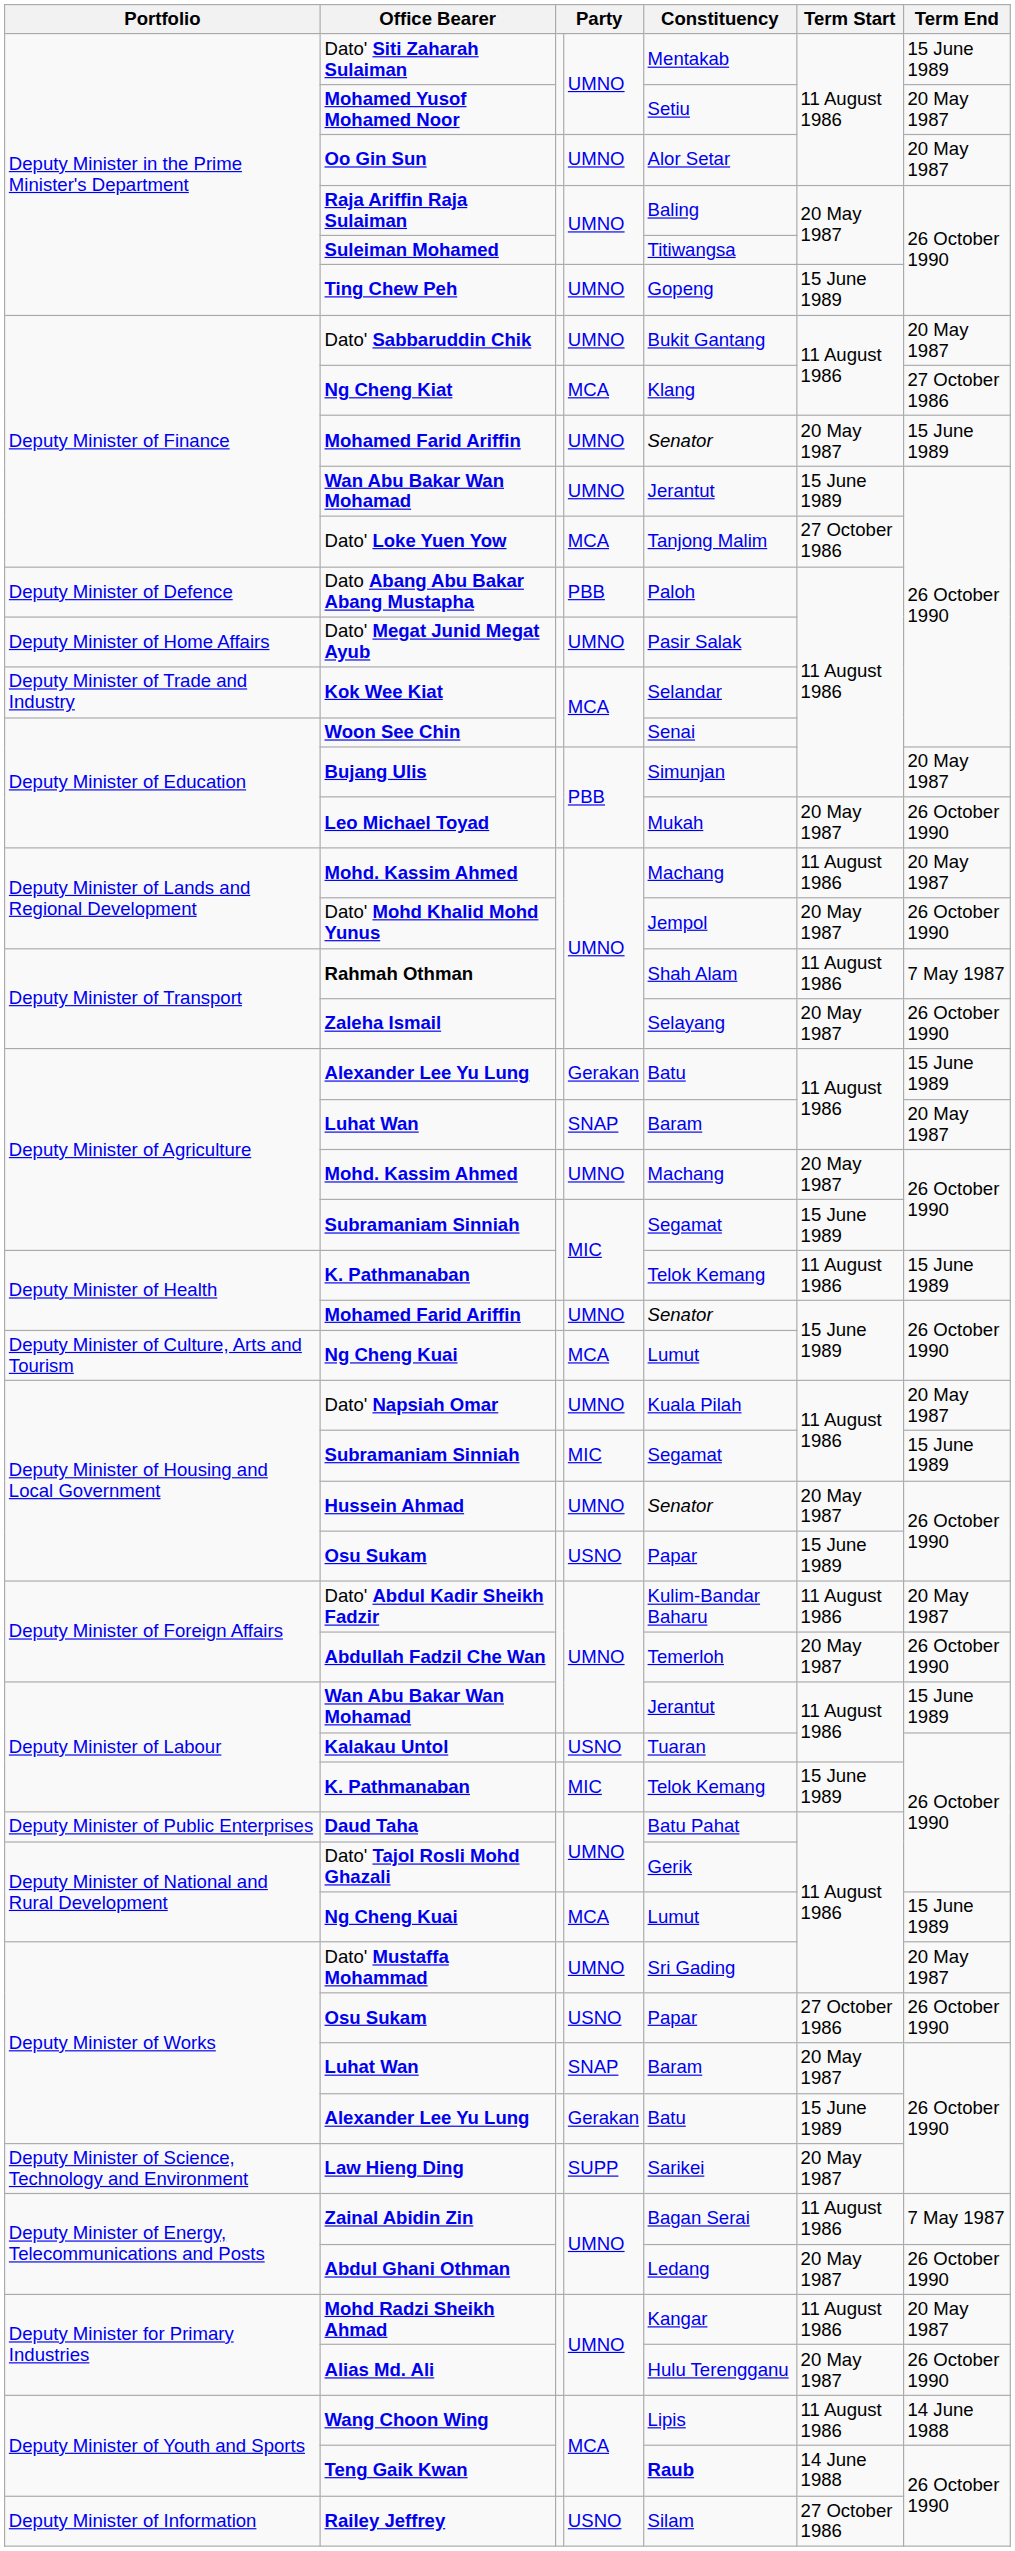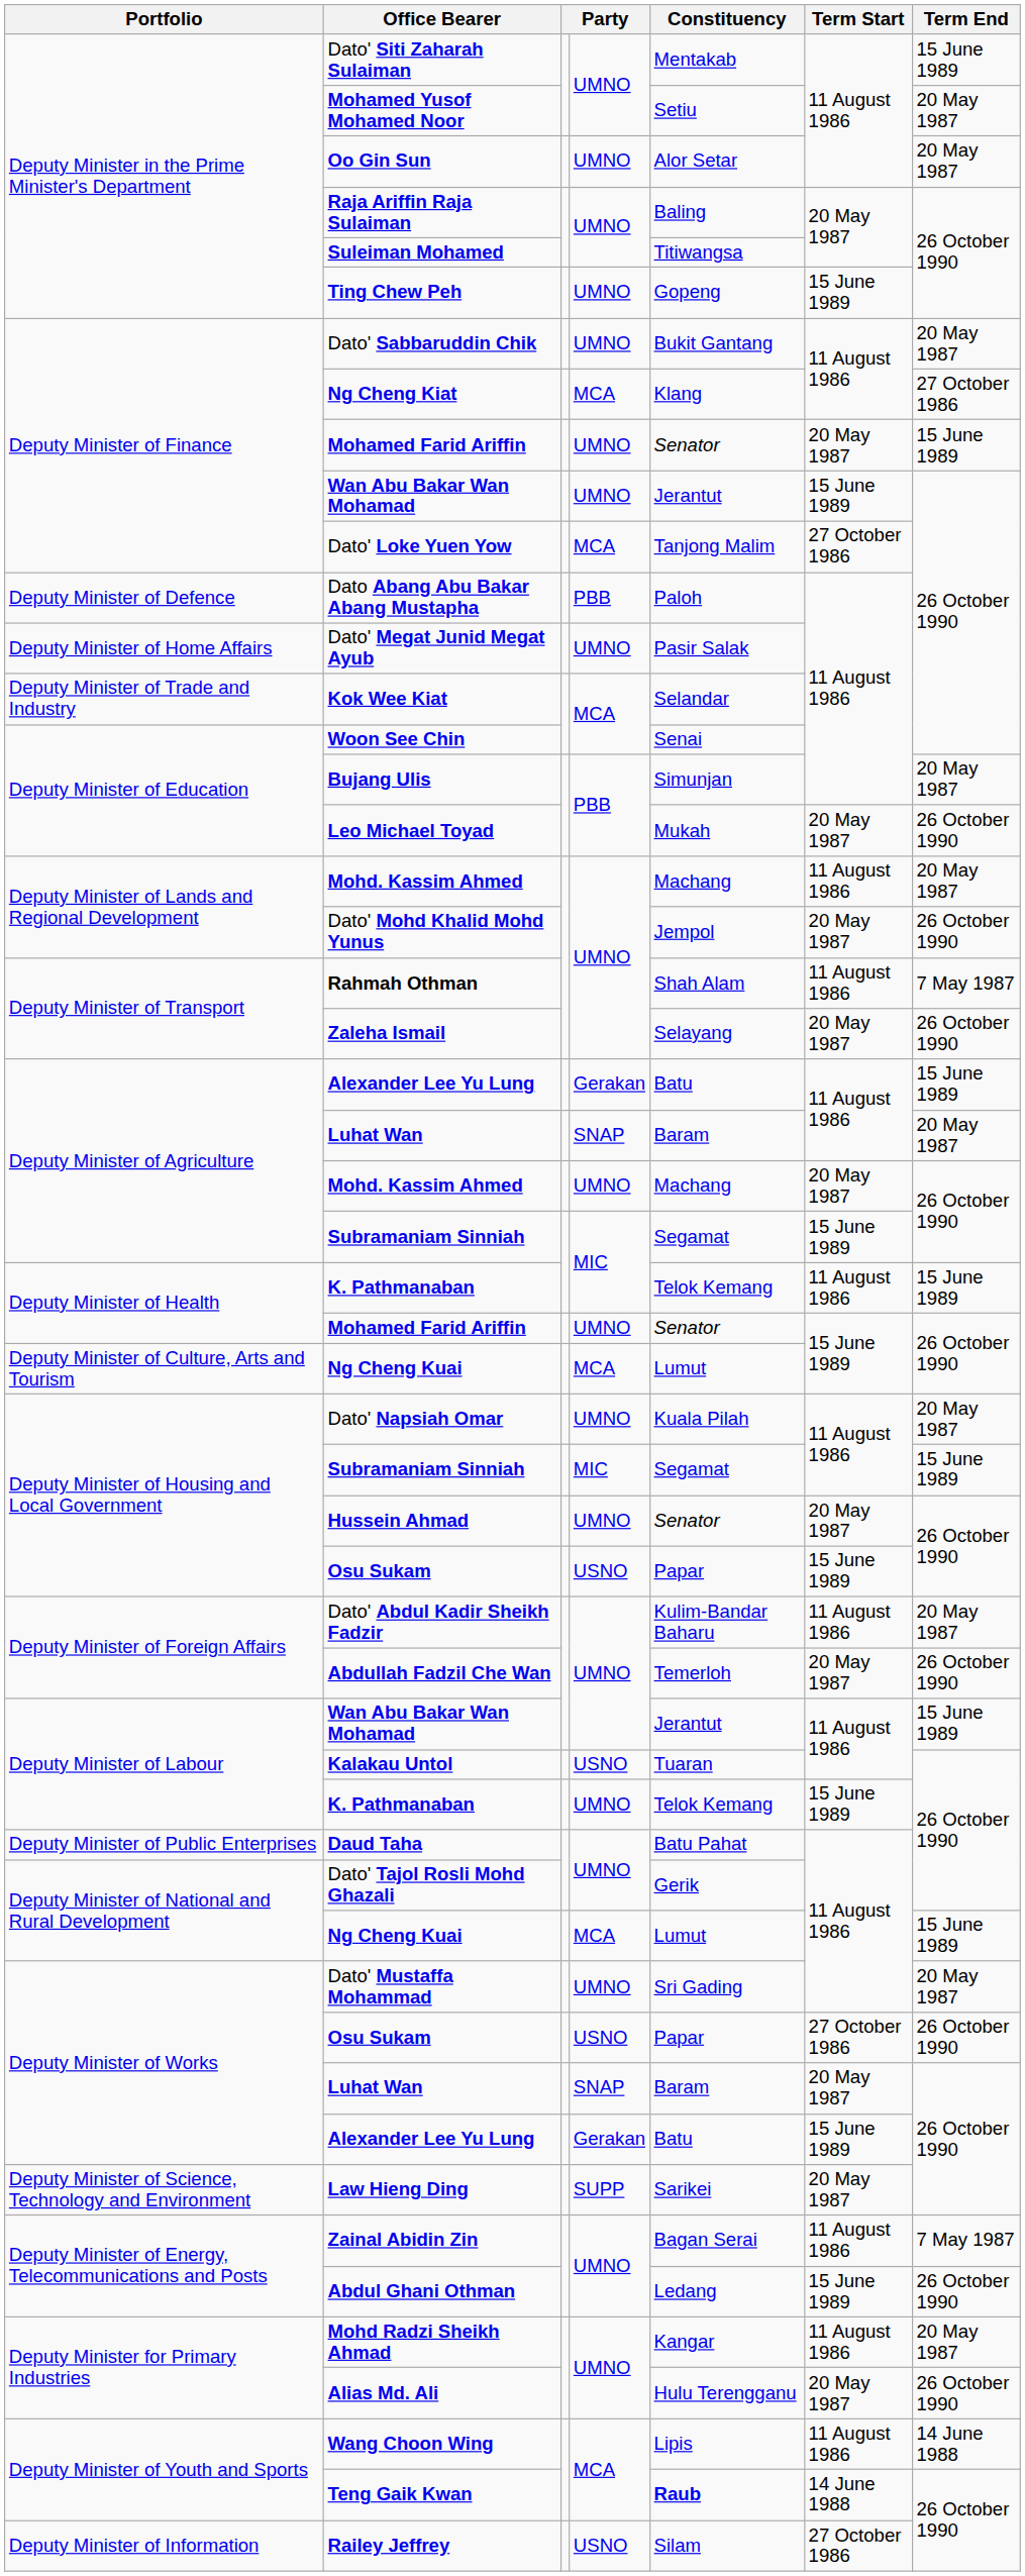 <table class="sortable wikitable">
 <tr>
 <th>Portfolio</th>
 <th>Office Bearer</th>
 <th colspan=2>Party</th>
 <th>Constituency</th>
 <th>Term Start</th>
 <th>Term End</th>
 </tr>
 <tr>
 <td rowspan="6"><a href='#'>Deputy Minister in the Prime Minister's Department</a></td>
 <td>Dato' <strong><a href='#'>Siti Zaharah Sulaiman</a></strong> </td>
 <td rowspan=2></td>
 <td rowspan=2><a href='#'>UMNO</a></td>
 <td><a href='#'>Mentakab</a></td>
 <td rowspan=3>11 August 1986</td>
 <td>15 June 1989</td>
 </tr>
 <tr>
 <td><strong><a href='#'>Mohamed Yusof Mohamed Noor</a></strong> </td>
 <td><a href='#'>Setiu</a></td>
 <td>20 May 1987</td>
 </tr>
 <tr>
 <td><strong><a href='#'>Oo Gin Sun</a></strong> </td>
 <td></td>
 <td><a href='#'>UMNO</a></td>
 <td><a href='#'>Alor Setar</a></td>
 <td>20 May 1987</td>
 </tr>
 <tr>
 <td><strong><a href='#'>Raja Ariffin Raja Sulaiman</a></strong> </td>
 <td rowspan=2></td>
 <td rowspan=2><a href='#'>UMNO</a></td>
 <td><a href='#'>Baling</a></td>
 <td rowspan=2>20 May 1987</td>
 <td rowspan=3>26 October 1990</td>
 </tr>
 <tr>
 <td><strong><a href='#'>Suleiman Mohamed</a></strong> </td>
 <td><a href='#'>Titiwangsa</a></td>
 </tr>
 <tr>
 <td><strong><a href='#'>Ting Chew Peh</a></strong> </td>
 <td></td>
 <td><a href='#'>UMNO</a></td>
 <td><a href='#'>Gopeng</a></td>
 <td>15 June 1989</td>
 </tr>
 <tr>
 <td rowspan=5><a href='#'>Deputy Minister of Finance</a></td>
 <td>Dato' <strong><a href='#'>Sabbaruddin Chik</a></strong> </td>
 <td></td>
 <td><a href='#'>UMNO</a></td>
 <td><a href='#'>Bukit Gantang</a></td>
 <td rowspan=2>11 August 1986</td>
 <td>20 May 1987</td>
 </tr>
 <tr>
 <td><strong><a href='#'>Ng Cheng Kiat</a></strong> </td>
 <td></td>
 <td><a href='#'>MCA</a></td>
 <td><a href='#'>Klang</a></td>
 <td>27 October 1986</td>
 </tr>
 <tr>
 <td><strong><a href='#'>Mohamed Farid Ariffin</a></strong></td>
 <td></td>
 <td><a href='#'>UMNO</a></td>
 <td><em>Senator</em></td>
 <td>20 May 1987</td>
 <td>15 June 1989</td>
 </tr>
 <tr>
 <td><strong><a href='#'>Wan Abu Bakar Wan Mohamad</a></strong> </td>
 <td rowspan=1></td>
 <td><a href='#'>UMNO</a></td>
 <td><a href='#'>Jerantut</a></td>
 <td>15 June 1989</td>
 <td rowspan=6>26 October 1990</td>
 </tr>
 <tr>
 <td>Dato' <strong><a href='#'>Loke Yuen Yow</a></strong> </td>
 <td rowspan=1></td>
 <td><a href='#'>MCA</a></td>
 <td><a href='#'>Tanjong Malim</a></td>
 <td>27 October 1986</td>
 </tr>
 <tr>
 <td><a href='#'>Deputy Minister of Defence</a></td>
 <td>Dato <strong><a href='#'>Abang Abu Bakar Abang Mustapha</a></strong> </td>
 <td></td>
 <td><a href='#'>PBB</a></td>
 <td><a href='#'>Paloh</a></td>
 <td rowspan=5>11 August 1986</td>
 </tr>
 <tr>
 <td><a href='#'>Deputy Minister of Home Affairs</a></td>
 <td>Dato' <strong><a href='#'>Megat Junid Megat Ayub</a></strong> </td>
 <td rowspan=1></td>
 <td><a href='#'>UMNO</a></td>
 <td><a href='#'>Pasir Salak</a></td>
 </tr>
 <tr>
 <td><a href='#'>Deputy Minister of Trade and Industry</a></td>
 <td><strong><a href='#'>Kok Wee Kiat</a></strong> </td>
 <td rowspan=2></td>
 <td rowspan=2><a href='#'>MCA</a></td>
 <td><a href='#'>Selandar</a></td>
 </tr>
 <tr>
 <td rowspan=3><a href='#'>Deputy Minister of Education</a></td>
 <td><strong><a href='#'>Woon See Chin</a></strong> </td>
 <td><a href='#'>Senai</a></td>
 </tr>
 <tr>
 <td><strong><a href='#'>Bujang Ulis</a></strong> </td>
 <td rowspan=2></td>
 <td rowspan=2><a href='#'>PBB</a></td>
 <td><a href='#'>Simunjan</a></td>
 <td>20 May 1987</td>
 </tr>
 <tr>
 <td><strong><a href='#'>Leo Michael Toyad</a></strong> </td>
 <td><a href='#'>Mukah</a></td>
 <td>20 May 1987</td>
 <td>26 October 1990</td>
 </tr>
 <tr>
 <td rowspan=2><a href='#'>Deputy Minister of Lands and Regional Development</a></td>
 <td><strong><a href='#'>Mohd. Kassim Ahmed</a></strong> </td>
 <td rowspan=4></td>
 <td rowspan=4><a href='#'>UMNO</a></td>
 <td><a href='#'>Machang</a></td>
 <td>11 August 1986</td>
 <td>20 May 1987</td>
 </tr>
 <tr>
 <td>Dato' <strong><a href='#'>Mohd Khalid Mohd Yunus</a></strong> </td>
 <td><a href='#'>Jempol</a></td>
 <td>20 May 1987</td>
 <td>26 October 1990</td>
 </tr>
 <tr>
 <td rowspan=2><a href='#'>Deputy Minister of Transport</a></td>
 <td><strong>Rahmah Othman</strong> </td>
 <td><a href='#'>Shah Alam</a></td>
 <td>11 August 1986</td>
 <td>7 May 1987</td>
 </tr>
 <tr>
 <td><strong><a href='#'>Zaleha Ismail</a></strong> </td>
 <td><a href='#'>Selayang</a></td>
 <td>20 May 1987</td>
 <td>26 October 1990</td>
 </tr>
 <tr>
 <td rowspan=4><a href='#'>Deputy Minister of Agriculture</a></td>
 <td><strong><a href='#'>Alexander Lee Yu Lung</a></strong> </td>
 <td rowspan=1></td>
 <td><a href='#'>Gerakan</a></td>
 <td><a href='#'>Batu</a></td>
 <td rowspan=2>11 August 1986</td>
 <td>15 June 1989</td>
 </tr>
 <tr>
 <td><strong><a href='#'>Luhat Wan</a></strong> </td>
 <td rowspan=1></td>
 <td><a href='#'>SNAP</a></td>
 <td><a href='#'>Baram</a></td>
 <td>20 May 1987</td>
 </tr>
 <tr>
 <td><strong><a href='#'>Mohd. Kassim Ahmed</a></strong> </td>
 <td rowspan=1></td>
 <td><a href='#'>UMNO</a></td>
 <td><a href='#'>Machang</a></td>
 <td>20 May 1987</td>
 <td rowspan=2>26 October 1990</td>
 </tr>
 <tr>
 <td><strong><a href='#'>Subramaniam Sinniah</a></strong> </td>
 <td rowspan=2></td>
 <td rowspan=2><a href='#'>MIC</a></td>
 <td><a href='#'>Segamat</a></td>
 <td>15 June 1989</td>
 </tr>
 <tr>
 <td rowspan=2><a href='#'>Deputy Minister of Health</a></td>
 <td><strong><a href='#'>K. Pathmanaban</a></strong> </td>
 <td><a href='#'>Telok Kemang</a></td>
 <td>11 August 1986</td>
 <td>15 June 1989</td>
 </tr>
 <tr>
 <td><strong><a href='#'>Mohamed Farid Ariffin</a></strong></td>
 <td></td>
 <td><a href='#'>UMNO</a></td>
 <td><em>Senator</em></td>
 <td rowspan=2>15 June 1989</td>
 <td rowspan=2>26 October 1990</td>
 </tr>
 <tr>
 <td><a href='#'>Deputy Minister of Culture, Arts and Tourism</a></td>
 <td><strong><a href='#'>Ng Cheng Kuai</a></strong> </td>
 <td></td>
 <td><a href='#'>MCA</a></td>
 <td><a href='#'>Lumut</a></td>
 </tr>
 <tr>
 <td rowspan=4><a href='#'>Deputy Minister of Housing and Local Government</a></td>
 <td>Dato' <strong><a href='#'>Napsiah Omar</a></strong> </td>
 <td rowspan=1></td>
 <td><a href='#'>UMNO</a></td>
 <td><a href='#'>Kuala Pilah</a></td>
 <td rowspan=2>11 August 1986</td>
 <td>20 May 1987</td>
 </tr>
 <tr>
 <td><strong><a href='#'>Subramaniam Sinniah</a></strong> </td>
 <td rowspan=1></td>
 <td><a href='#'>MIC</a></td>
 <td><a href='#'>Segamat</a></td>
 <td>15 June 1989</td>
 </tr>
 <tr>
 <td><strong><a href='#'>Hussein Ahmad</a></strong></td>
 <td rowspan=1></td>
 <td><a href='#'>UMNO</a></td>
 <td><em>Senator</em></td>
 <td>20 May 1987</td>
 <td rowspan=2>26 October 1990</td>
 </tr>
 <tr>
 <td><strong><a href='#'>Osu Sukam</a></strong> </td>
 <td rowspan=1></td>
 <td><a href='#'>USNO</a></td>
 <td><a href='#'>Papar</a></td>
 <td>15 June 1989</td>
 </tr>
 <tr>
 <td rowspan=2><a href='#'>Deputy Minister of Foreign Affairs</a></td>
 <td>Dato' <strong><a href='#'>Abdul Kadir Sheikh Fadzir</a></strong> </td>
 <td rowspan=3></td>
 <td rowspan=3><a href='#'>UMNO</a></td>
 <td><a href='#'>Kulim-Bandar Baharu</a></td>
 <td>11 August 1986</td>
 <td>20 May 1987</td>
 </tr>
 <tr>
 <td><strong><a href='#'>Abdullah Fadzil Che Wan</a></strong> </td>
 <td><a href='#'>Temerloh</a></td>
 <td>20 May 1987</td>
 <td>26 October 1990</td>
 </tr>
 <tr>
 <td rowspan=3><a href='#'>Deputy Minister of Labour</a></td>
 <td><strong><a href='#'>Wan Abu Bakar Wan Mohamad</a></strong> </td>
 <td><a href='#'>Jerantut</a></td>
 <td rowspan=2>11 August 1986</td>
 <td>15 June 1989</td>
 </tr>
 <tr>
 <td><strong><a href='#'>Kalakau Untol</a></strong> </td>
 <td></td>
 <td><a href='#'>USNO</a></td>
 <td><a href='#'>Tuaran</a></td>
 <td rowspan=4>26 October 1990</td>
 </tr>
 <tr>
 <td><strong><a href='#'>K. Pathmanaban</a></strong> </td>
 <td></td>
-<td><a href='#'>MIC</a></td>
+<td><a href='#'>UMNO</a></td>
 <td><a href='#'>Telok Kemang</a></td>
 <td>15 June 1989</td>
 </tr>
 <tr>
 <td><a href='#'>Deputy Minister of Public Enterprises</a></td>
 <td><strong><a href='#'>Daud Taha</a></strong> </td>
 <td rowspan=2></td>
 <td rowspan=2><a href='#'>UMNO</a></td>
 <td><a href='#'>Batu Pahat</a></td>
 <td rowspan=4>11 August 1986</td>
 </tr>
 <tr>
 <td rowspan=2><a href='#'>Deputy Minister of National and Rural Development</a></td>
 <td>Dato' <strong><a href='#'>Tajol Rosli Mohd Ghazali</a></strong> </td>
 <td><a href='#'>Gerik</a></td>
 </tr>
 <tr>
 <td><strong><a href='#'>Ng Cheng Kuai</a></strong> </td>
 <td rowspan=1></td>
 <td><a href='#'>MCA</a></td>
 <td><a href='#'>Lumut</a></td>
 <td>15 June 1989</td>
 </tr>
 <tr>
 <td rowspan=4><a href='#'>Deputy Minister of Works</a></td>
 <td>Dato' <strong><a href='#'>Mustaffa Mohammad</a></strong> </td>
 <td rowspan=1></td>
 <td><a href='#'>UMNO</a></td>
 <td><a href='#'>Sri Gading</a></td>
 <td>20 May 1987</td>
 </tr>
 <tr>
 <td><strong><a href='#'>Osu Sukam</a></strong> </td>
 <td rowspan=1></td>
 <td><a href='#'>USNO</a></td>
 <td><a href='#'>Papar</a></td>
 <td>27 October 1986</td>
 <td>26 October 1990</td>
 </tr>
 <tr>
 <td><strong><a href='#'>Luhat Wan</a></strong> </td>
 <td rowspan=1></td>
 <td><a href='#'>SNAP</a></td>
 <td><a href='#'>Baram</a></td>
 <td>20 May 1987</td>
 <td rowspan=3>26 October 1990</td>
 </tr>
 <tr>
 <td><strong><a href='#'>Alexander Lee Yu Lung</a></strong> </td>
 <td rowspan=1></td>
 <td><a href='#'>Gerakan</a></td>
 <td><a href='#'>Batu</a></td>
 <td>15 June 1989</td>
 </tr>
 <tr>
 <td><a href='#'>Deputy Minister of Science, Technology and Environment</a></td>
 <td><strong><a href='#'>Law Hieng Ding</a></strong> </td>
 <td rowspan=1></td>
 <td><a href='#'>SUPP</a></td>
 <td><a href='#'>Sarikei</a></td>
 <td>20 May 1987</td>
 </tr>
 <tr>
 <td rowspan=2><a href='#'>Deputy Minister of Energy, Telecommunications and Posts</a></td>
 <td><strong><a href='#'>Zainal Abidin Zin</a></strong> </td>
 <td rowspan=2></td>
 <td rowspan=2><a href='#'>UMNO</a></td>
 <td><a href='#'>Bagan Serai</a></td>
 <td>11 August 1986</td>
 <td>7 May 1987</td>
 </tr>
 <tr>
 <td><strong><a href='#'>Abdul Ghani Othman</a></strong> </td>
 <td><a href='#'>Ledang</a></td>
-<td>20 May 1987</td>
+<td>15 June 1989</td>
 <td>26 October 1990</td>
 </tr>
 <tr>
 <td rowspan=2><a href='#'>Deputy Minister for Primary Industries</a></td>
 <td><strong><a href='#'>Mohd Radzi Sheikh Ahmad</a></strong> </td>
 <td rowspan=2></td>
 <td rowspan=2><a href='#'>UMNO</a></td>
 <td><a href='#'>Kangar</a></td>
 <td>11 August 1986</td>
 <td>20 May 1987</td>
 </tr>
 <tr>
 <td><strong><a href='#'>Alias Md. Ali</a></strong> </td>
 <td><a href='#'>Hulu Terengganu</a></td>
 <td>20 May 1987</td>
 <td>26 October 1990</td>
 </tr>
 <tr>
 <td rowspan=2><a href='#'>Deputy Minister of Youth and Sports</a></td>
 <td><strong><a href='#'>Wang Choon Wing</a></strong> </td>
 <td rowspan=2></td>
 <td rowspan=2><a href='#'>MCA</a></td>
 <td><a href='#'>Lipis</a></td>
 <td>11 August 1986</td>
 <td>14 June 1988</td>
 </tr>
 <tr>
 <td><strong><a href='#'>Teng Gaik Kwan</a></strong> </td>
 <td><strong><a href='#'>Raub</a></strong></td>
 <td>14 June 1988</td>
 <td rowspan=2>26 October 1990</td>
 </tr>
 <tr>
 <td><a href='#'>Deputy Minister of Information</a></td>
 <td><strong><a href='#'>Railey Jeffrey</a></strong> </td>
 <td rowspan=1></td>
 <td><a href='#'>USNO</a></td>
 <td><a href='#'>Silam</a></td>
 <td>27 October 1986</td>
 </tr>
 </table>
